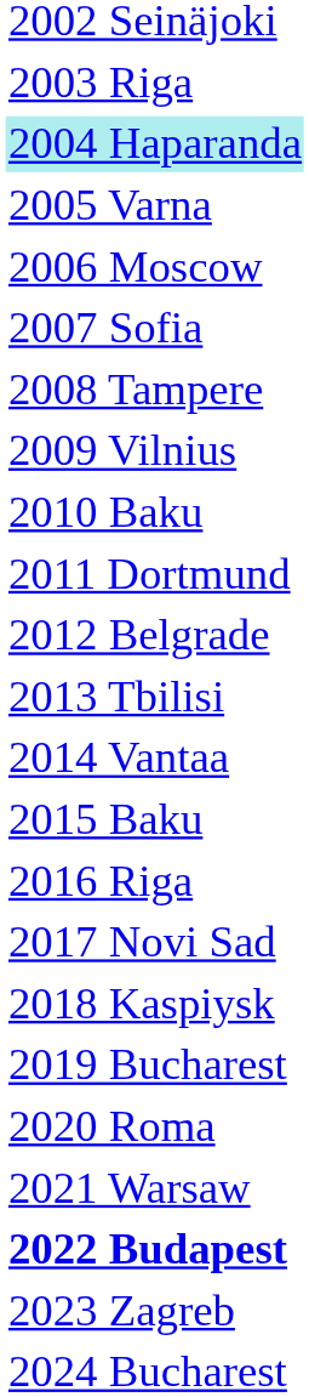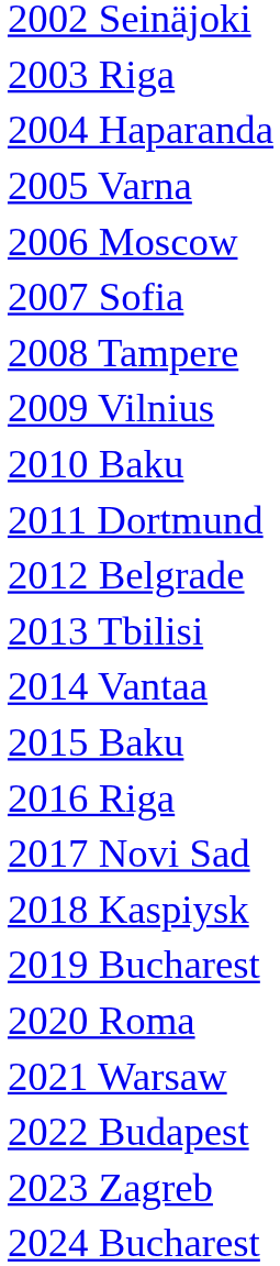 <table>
 <tr>
 <td><a href='#'>2002 Seinäjoki</a></td>
 <td></td>
 <td></td>
 <td></td>
 </tr>
 <tr>
 <td><a href='#'>2003 Riga</a></td>
 <td></td>
 <td></td>
 <td></td>
 </tr>
 <tr>
-<td style="background: paleturquoise;"><a href='#'>2004 Haparanda</a></td>
+<td><a href='#'>2004 Haparanda</a></td>
 <td></td>
 <td></td>
 <td></td>
 </tr>
 <tr>
 <td rowspan=2><a href='#'>2005 Varna</a></td>
 <td rowspan=2></td>
 <td rowspan=2></td>
 <td></td>
 </tr>
 <tr>
 <td></td>
 </tr>
 <tr>
 <td rowspan=2><a href='#'>2006 Moscow</a></td>
 <td rowspan=2></td>
 <td rowspan=2></td>
 <td></td>
 </tr>
 <tr>
 <td></td>
 </tr>
 <tr>
 <td rowspan=2><a href='#'>2007 Sofia</a></td>
 <td rowspan=2></td>
 <td rowspan=2></td>
 <td></td>
 </tr>
 <tr>
 <td></td>
 </tr>
 <tr>
 <td rowspan=2><a href='#'>2008 Tampere</a></td>
 <td rowspan=2></td>
 <td rowspan=2></td>
 <td></td>
 </tr>
 <tr>
 <td></td>
 </tr>
 <tr>
 <td rowspan=2><a href='#'>2009 Vilnius</a></td>
 <td rowspan=2></td>
 <td rowspan=2></td>
 <td></td>
 </tr>
 <tr>
 <td></td>
 </tr>
 <tr>
 <td rowspan=2><a href='#'>2010 Baku</a></td>
 <td rowspan=2></td>
 <td rowspan=2></td>
 <td></td>
 </tr>
 <tr>
 <td></td>
 </tr>
 <tr>
 <td rowspan=2><a href='#'>2011 Dortmund</a></td>
 <td rowspan=2></td>
 <td rowspan=2></td>
 <td></td>
 </tr>
 <tr>
 <td></td>
 </tr>
 <tr>
 <td rowspan=2><a href='#'>2012 Belgrade</a></td>
 <td rowspan=2></td>
 <td rowspan=2></td>
 <td></td>
 </tr>
 <tr>
 <td></td>
 </tr>
 <tr>
 <td rowspan=2><a href='#'>2013 Tbilisi</a></td>
 <td rowspan=2></td>
 <td rowspan=2></td>
 <td></td>
 </tr>
 <tr>
 <td></td>
 </tr>
 <tr>
 <td rowspan=2><a href='#'>2014 Vantaa</a></td>
 <td rowspan=2></td>
 <td rowspan=2></td>
 <td></td>
 </tr>
 <tr>
 <td></td>
 </tr>
 <tr>
 <td rowspan=2><a href='#'>2015 Baku</a></td>
 <td rowspan=2></td>
 <td rowspan=2></td>
 <td></td>
 </tr>
 <tr>
 <td></td>
 </tr>
 <tr>
 <td rowspan=2><a href='#'>2016 Riga</a></td>
 <td rowspan=2></td>
 <td rowspan=2></td>
 <td></td>
 </tr>
 <tr>
 <td></td>
 </tr>
 <tr>
 <td rowspan=2><a href='#'>2017 Novi Sad</a></td>
 <td rowspan=2></td>
 <td rowspan=2></td>
 <td></td>
 </tr>
 <tr>
 <td></td>
 </tr>
 <tr>
 <td rowspan=2><a href='#'>2018 Kaspiysk</a></td>
 <td rowspan=2></td>
 <td rowspan=2></td>
 <td></td>
 </tr>
 <tr>
 <td></td>
 </tr>
 <tr>
 <td rowspan=2><a href='#'>2019 Bucharest</a></td>
 <td rowspan=2></td>
 <td rowspan=2></td>
 <td></td>
 </tr>
 <tr>
 <td></td>
 </tr>
 <tr>
 <td rowspan=2><a href='#'>2020 Roma</a></td>
 <td rowspan=2></td>
 <td rowspan=2></td>
 <td></td>
 </tr>
 <tr>
 <td></td>
 </tr>
 <tr>
 <td rowspan=2><a href='#'>2021 Warsaw</a></td>
 <td rowspan=2></td>
 <td rowspan=2></td>
 <td></td>
 </tr>
 <tr>
 <td></td>
 </tr>
 <tr>
-<td><strong><a href='#'>2022 Budapest</a></strong></td>
+<td><a href='#'>2022 Budapest</a></td>
 <td></td>
 <td></td>
 <td></td>
 </tr>
 <tr>
 <td rowspan=2><a href='#'>2023 Zagreb</a></td>
 <td rowspan=2></td>
 <td rowspan=2></td>
 <td></td>
 </tr>
 <tr>
 <td></td>
 </tr>
 <tr>
 <td rowspan=2><a href='#'>2024 Bucharest</a></td>
 <td rowspan=2></td>
 <td rowspan=2></td>
 <td></td>
 </tr>
 <tr>
 <td></td>
 </tr>
 </table>
